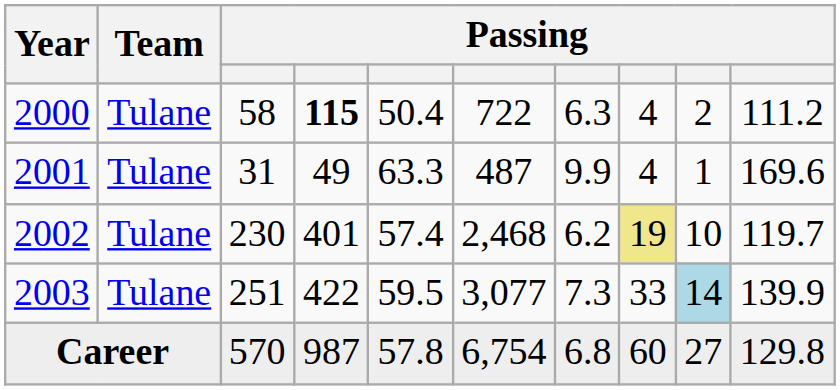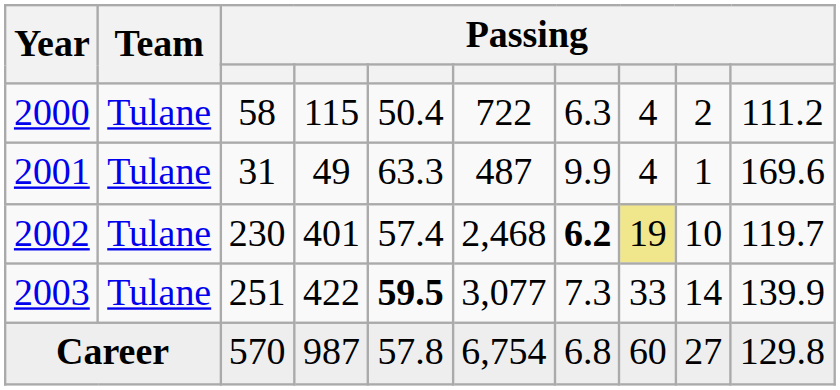 <table class="wikitable" style="text-align:center;">
 <tr>
 <th rowspan=2>Year</th>
 <th rowspan=2>Team</th>
 <th colspan=8>Passing</th>
 </tr>
 <tr>
 <th></th>
 <th></th>
 <th></th>
 <th></th>
 <th></th>
 <th></th>
 <th></th>
 <th></th>
 </tr>
 <tr>
 <td><a href='#'>2000</a></td>
 <td><a href='#'>Tulane</a></td>
 <td>58</td>
-<td><strong>115</strong></td>
+<td>115</td>
 <td>50.4</td>
 <td>722</td>
 <td>6.3</td>
 <td>4</td>
 <td>2</td>
 <td>111.2</td>
 </tr>
 <tr>
 <td><a href='#'>2001</a></td>
 <td><a href='#'>Tulane</a></td>
 <td>31</td>
 <td>49</td>
 <td>63.3</td>
 <td>487</td>
 <td>9.9</td>
 <td>4</td>
 <td>1</td>
 <td>169.6</td>
 </tr>
 <tr>
 <td><a href='#'>2002</a></td>
 <td><a href='#'>Tulane</a></td>
 <td>230</td>
 <td>401</td>
 <td>57.4</td>
 <td>2,468</td>
-<td>6.2</td>
+<td><strong>6.2</strong></td>
 <td style="background: khaki;">19</td>
 <td>10</td>
 <td>119.7</td>
 </tr>
 <tr>
 <td><a href='#'>2003</a></td>
 <td><a href='#'>Tulane</a></td>
 <td>251</td>
 <td>422</td>
-<td>59.5</td>
+<td><strong>59.5</strong></td>
 <td>3,077</td>
 <td>7.3</td>
 <td>33</td>
-<td style="background: lightblue;">14</td>
+<td>14</td>
 <td>139.9</td>
 </tr>
 <tr class="sortbottom" style="background:#eee;">
 <td colspan=2><strong>Career</strong></td>
 <td>570</td>
 <td>987</td>
 <td>57.8</td>
 <td>6,754</td>
 <td>6.8</td>
 <td>60</td>
 <td>27</td>
 <td>129.8</td>
 </tr>
 </table>
